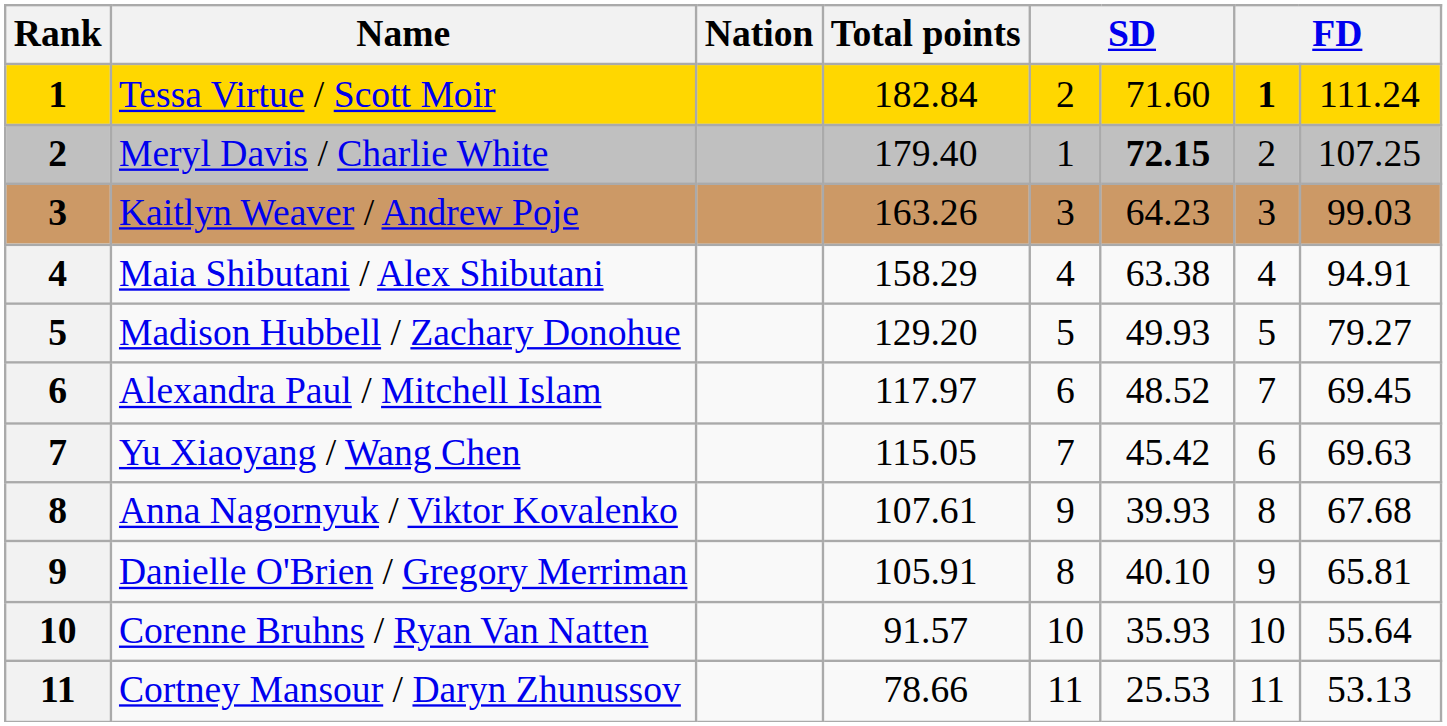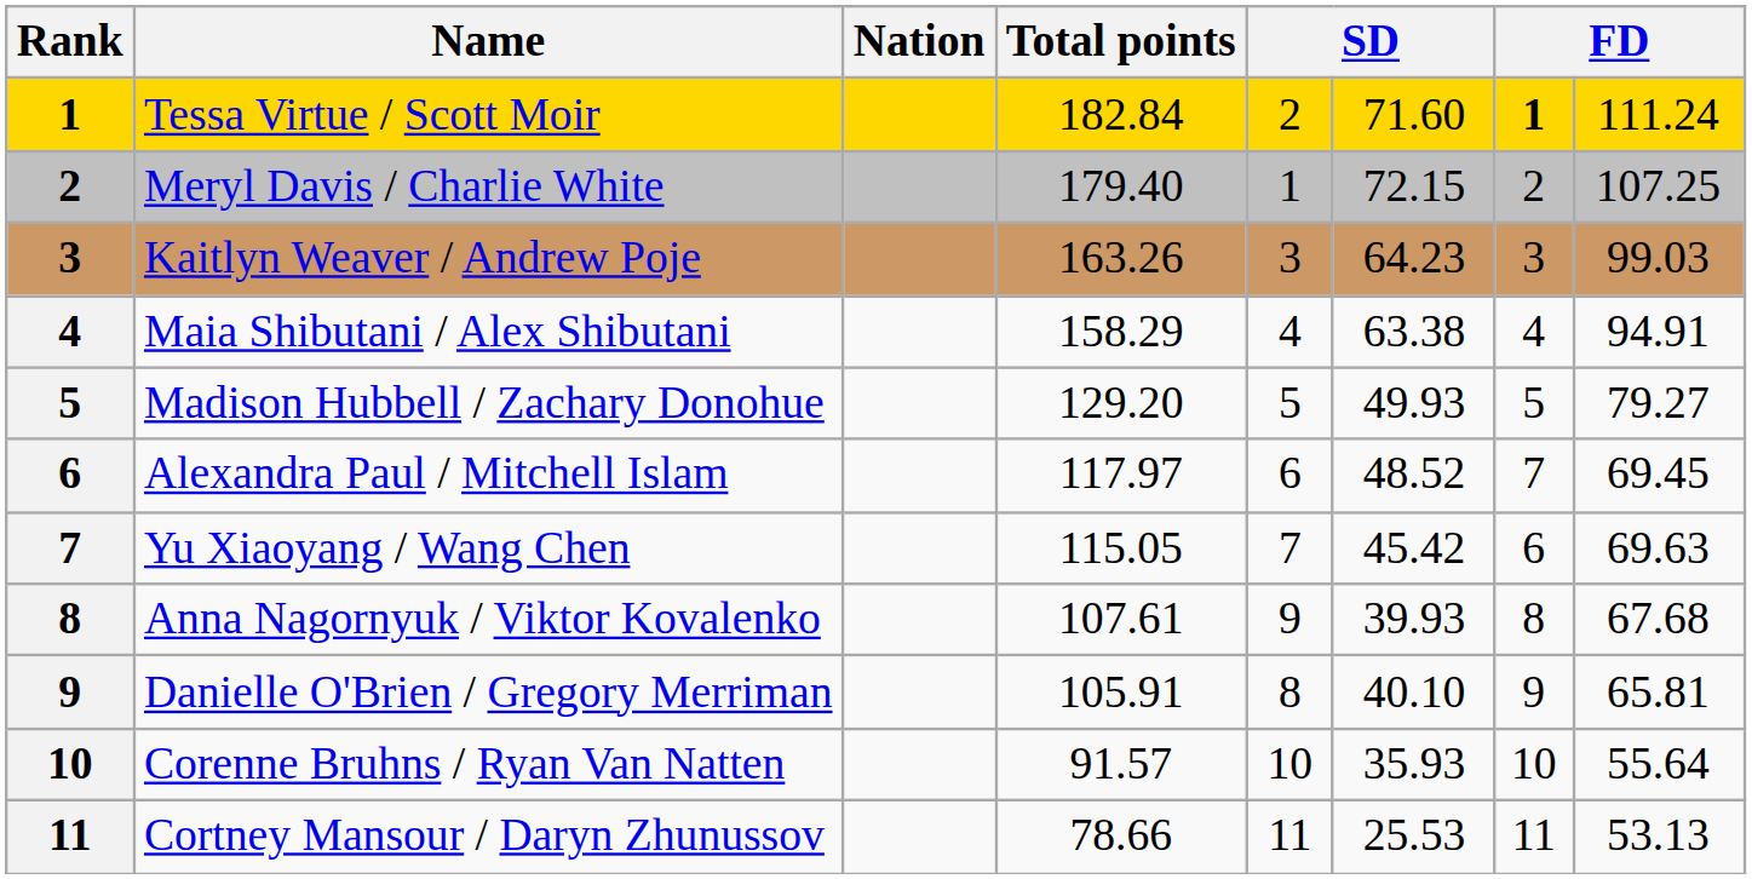 <table class="wikitable sortable">
 <tr>
 <th>Rank</th>
 <th>Name</th>
 <th>Nation</th>
 <th>Total points</th>
 <th colspan="2" width="80px"><a href='#'>SD</a></th>
 <th colspan="2" width="80px"><a href='#'>FD</a></th>
 </tr>
 <tr bgcolor="gold">
 <td align="center"><strong>1</strong></td>
 <td><a href='#'>Tessa Virtue</a> / <a href='#'>Scott Moir</a></td>
 <td></td>
 <td align="center">182.84</td>
 <td align="center">2</td>
 <td align="center">71.60</td>
 <td align="center"><strong>1</strong></td>
 <td align="center">111.24</td>
 </tr>
 <tr bgcolor="silver">
 <td align="center"><strong>2</strong></td>
 <td><a href='#'>Meryl Davis</a> / <a href='#'>Charlie White</a></td>
 <td></td>
 <td align="center">179.40</td>
 <td align="center">1</td>
-<td align="center"><strong>72.15</strong></td>
+<td align="center">72.15</td>
 <td align="center">2</td>
 <td align="center">107.25</td>
 </tr>
 <tr bgcolor="cc9966">
 <td align="center"><strong>3</strong></td>
 <td><a href='#'>Kaitlyn Weaver</a> / <a href='#'>Andrew Poje</a></td>
 <td></td>
 <td align="center">163.26</td>
 <td align="center">3</td>
 <td align="center">64.23</td>
 <td align="center">3</td>
 <td align="center">99.03</td>
 </tr>
 <tr>
 <th>4</th>
 <td><a href='#'>Maia Shibutani</a> / <a href='#'>Alex Shibutani</a></td>
 <td></td>
 <td align="center">158.29</td>
 <td align="center">4</td>
 <td align="center">63.38</td>
 <td align="center">4</td>
 <td align="center">94.91</td>
 </tr>
 <tr>
 <th>5</th>
 <td><a href='#'>Madison Hubbell</a> / <a href='#'>Zachary Donohue</a></td>
 <td></td>
 <td align="center">129.20</td>
 <td align="center">5</td>
 <td align="center">49.93</td>
 <td align="center">5</td>
 <td align="center">79.27</td>
 </tr>
 <tr>
 <th>6</th>
 <td><a href='#'>Alexandra Paul</a> / <a href='#'>Mitchell Islam</a></td>
 <td></td>
 <td align="center">117.97</td>
 <td align="center">6</td>
 <td align="center">48.52</td>
 <td align="center">7</td>
 <td align="center">69.45</td>
 </tr>
 <tr>
 <th>7</th>
 <td><a href='#'>Yu Xiaoyang</a> / <a href='#'>Wang Chen</a></td>
 <td></td>
 <td align="center">115.05</td>
 <td align="center">7</td>
 <td align="center">45.42</td>
 <td align="center">6</td>
 <td align="center">69.63</td>
 </tr>
 <tr>
 <th>8</th>
 <td><a href='#'>Anna Nagornyuk</a> / <a href='#'>Viktor Kovalenko</a></td>
 <td></td>
 <td align="center">107.61</td>
 <td align="center">9</td>
 <td align="center">39.93</td>
 <td align="center">8</td>
 <td align="center">67.68</td>
 </tr>
 <tr>
 <th>9</th>
 <td><a href='#'>Danielle O'Brien</a> / <a href='#'>Gregory Merriman</a></td>
 <td></td>
 <td align="center">105.91</td>
 <td align="center">8</td>
 <td align="center">40.10</td>
 <td align="center">9</td>
 <td align="center">65.81</td>
 </tr>
 <tr>
 <th>10</th>
 <td><a href='#'>Corenne Bruhns</a> / <a href='#'>Ryan Van Natten</a></td>
 <td></td>
 <td align="center">91.57</td>
 <td align="center">10</td>
 <td align="center">35.93</td>
 <td align="center">10</td>
 <td align="center">55.64</td>
 </tr>
 <tr>
 <th>11</th>
 <td><a href='#'>Cortney Mansour</a> / <a href='#'>Daryn Zhunussov</a></td>
 <td></td>
 <td align="center">78.66</td>
 <td align="center">11</td>
 <td align="center">25.53</td>
 <td align="center">11</td>
 <td align="center">53.13</td>
 </tr>
 </table>
